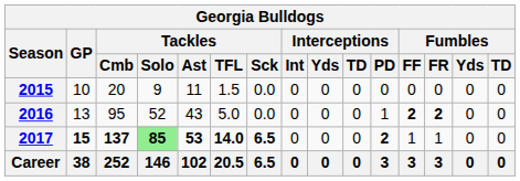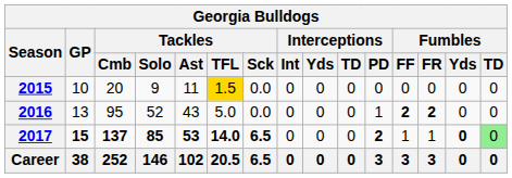 <table class=wikitable style="text-align:center;">
 <tr>
 <th colspan="18">Georgia Bulldogs</th>
 </tr>
 <tr>
 <th rowspan="2">Season</th>
 <th rowspan="2">GP</th>
 <th colspan="5">Tackles</th>
 <th colspan="4">Interceptions</th>
 <th colspan="4">Fumbles</th>
 </tr>
 <tr>
 <th>Cmb</th>
 <th>Solo</th>
 <th>Ast</th>
 <th>TFL</th>
 <th>Sck</th>
 <th>Int</th>
 <th>Yds</th>
 <th>TD</th>
 <th>PD</th>
 <th>FF</th>
 <th>FR</th>
 <th>Yds</th>
 <th>TD</th>
 </tr>
 <tr>
 <th><a href='#'>2015</a></th>
 <td>10</td>
 <td>20</td>
 <td>9</td>
 <td>11</td>
-<td>1.5</td>
+<td style="background: gold;">1.5</td>
 <td>0.0</td>
 <td>0</td>
 <td>0</td>
 <td>0</td>
 <td>0</td>
 <td>0</td>
 <td>0</td>
 <td>0</td>
 <td>0</td>
 </tr>
 <tr>
 <th><a href='#'>2016</a></th>
 <td>13</td>
 <td>95</td>
 <td>52</td>
 <td>43</td>
 <td>5.0</td>
 <td>0.0</td>
 <td>0</td>
 <td>0</td>
 <td>0</td>
 <td>1</td>
 <td><strong>2</strong></td>
 <td><strong>2</strong></td>
 <td>0</td>
 <td>0</td>
 </tr>
 <tr>
 <th><a href='#'>2017</a></th>
 <td><strong>15</strong></td>
 <td><strong>137</strong></td>
-<td style="background: lightgreen;"><strong>85</strong></td>
+<td><strong>85</strong></td>
 <td><strong>53</strong></td>
 <td><strong>14.0</strong></td>
 <td><strong>6.5</strong></td>
 <td>0</td>
 <td>0</td>
 <td>0</td>
 <td><strong>2</strong></td>
 <td>1</td>
 <td>1</td>
-<td>0</td>
-<td>0</td>
+<td><strong>0</strong></td>
+<td style="background: lightgreen;">0</td>
 </tr>
 <tr>
 <th>Career</th>
 <th>38</th>
 <th>252</th>
 <th>146</th>
 <th>102</th>
 <th>20.5</th>
 <th>6.5</th>
 <th>0</th>
 <th>0</th>
 <th>0</th>
 <th>3</th>
 <th>3</th>
 <th>3</th>
 <th>0</th>
 <th>0</th>
 </tr>
 </table>
